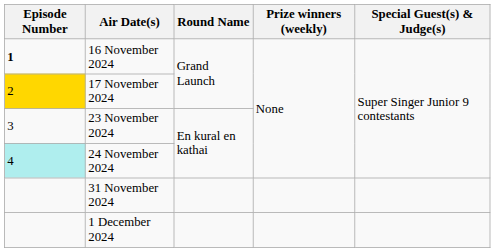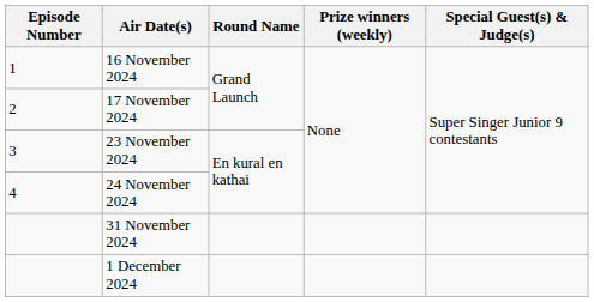 <table class="wikitable">
 <tr>
 <th scope="col">Episode Number</th>
 <th scope="col">Air Date(s)</th>
 <th scope="col">Round Name</th>
 <th scope="col">Prize winners (weekly)</th>
 <th scope="col">Special Guest(s) & Judge(s)</th>
 </tr>
 <tr>
-<td><strong>1</strong></td>
+<td>1</td>
 <td>16 November 2024</td>
 <td rowspan="2">Grand Launch</td>
 <td rowspan="4">None</td>
 <td rowspan="4">Super Singer Junior 9 contestants</td>
 </tr>
 <tr>
-<td style="background: gold;">2</td>
+<td>2</td>
 <td>17 November 2024</td>
 </tr>
 <tr>
 <td>3</td>
 <td>23 November 2024</td>
 <td rowspan="2">En kural en kathai</td>
 </tr>
 <tr>
-<td style="background: paleturquoise;">4</td>
+<td>4</td>
 <td>24 November 2024</td>
 </tr>
 <tr>
 <td></td>
 <td>31 November 2024</td>
 <td></td>
 <td></td>
 <td></td>
 </tr>
 <tr>
 <td></td>
 <td>1 December 2024</td>
 <td></td>
 <td></td>
 <td></td>
 </tr>
 </table>
